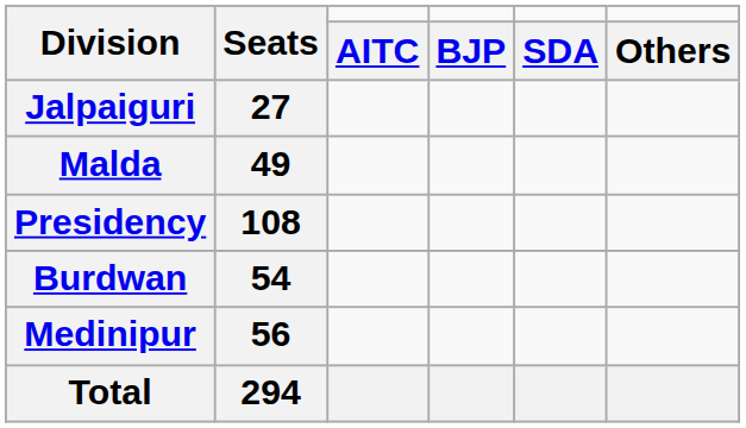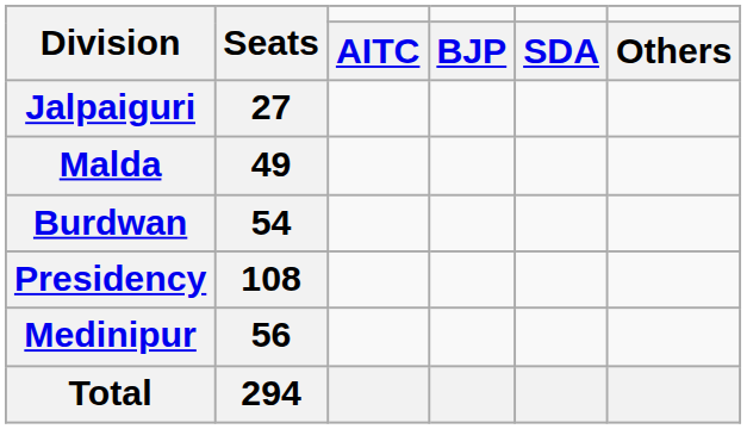 <table class="wikitable" style="text-align:center;">
 <tr>
 <th rowspan="2">Division</th>
 <th rowspan="2">Seats</th>
 <td style="color:inherit;background:"></td>
 <td style="color:inherit;background:"></td>
 <td style="color:inherit;background:"></td>
 <td style="color:inherit;background:"></td>
 </tr>
 <tr>
 <th><a href='#'>AITC</a></th>
 <th><a href='#'>BJP</a></th>
 <th><a href='#'>SDA</a></th>
 <th>Others</th>
 </tr>
 <tr>
 <th><a href='#'>Jalpaiguri</a></th>
 <th>27</th>
 <td></td>
 <td></td>
 <td></td>
 <td></td>
 </tr>
 <tr>
 <th><a href='#'>Malda</a></th>
 <th>49</th>
 <td></td>
 <td></td>
 <td></td>
 <td></td>
 </tr>
 <tr>
-<th><a href='#'>Presidency</a></th>
-<th>108</th>
+<th><a href='#'>Burdwan</a></th>
+<th>54</th>
 <td></td>
 <td></td>
 <td></td>
 <td></td>
 </tr>
 <tr>
-<th><a href='#'>Burdwan</a></th>
-<th>54</th>
+<th><a href='#'>Presidency</a></th>
+<th>108</th>
 <td></td>
 <td></td>
 <td></td>
 <td></td>
 </tr>
 <tr>
 <th><a href='#'>Medinipur</a></th>
 <th>56</th>
 <td></td>
 <td></td>
 <td></td>
 <td></td>
 </tr>
 <tr>
 <th>Total</th>
 <th>294</th>
 <th></th>
 <th></th>
 <th></th>
 <th></th>
 </tr>
 </table>
